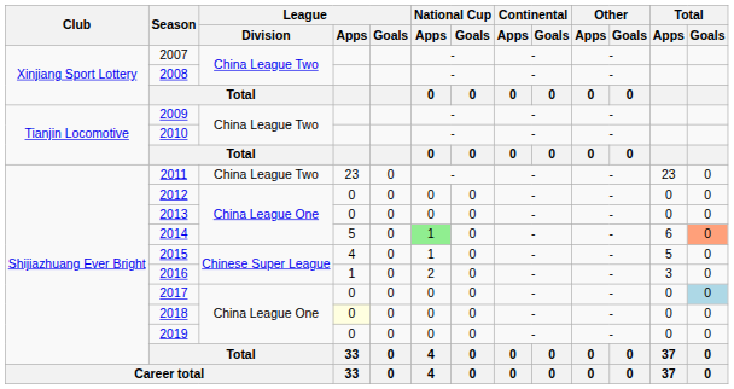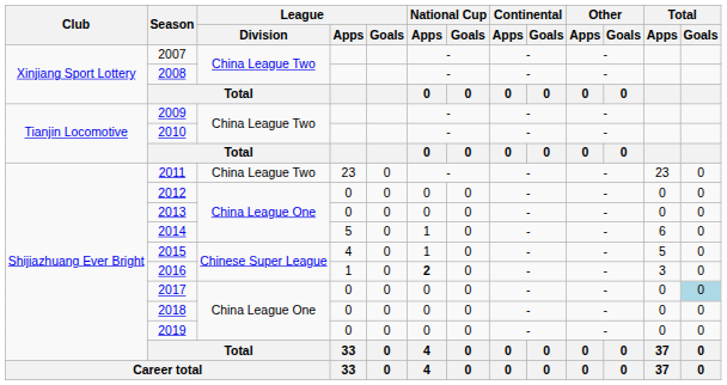 <table class="wikitable" style="text-align: center">
 <tr>
 <th rowspan="2">Club</th>
 <th rowspan="2">Season</th>
 <th colspan="3">League</th>
 <th colspan="2">National Cup</th>
 <th colspan="2">Continental</th>
 <th colspan="2">Other</th>
 <th colspan="2">Total</th>
 </tr>
 <tr>
 <th>Division</th>
 <th>Apps</th>
 <th>Goals</th>
 <th>Apps</th>
 <th>Goals</th>
 <th>Apps</th>
 <th>Goals</th>
 <th>Apps</th>
 <th>Goals</th>
 <th>Apps</th>
 <th>Goals</th>
 </tr>
 <tr>
 <td rowspan=3><a href='#'>Xinjiang Sport Lottery</a></td>
 <td>2007</td>
 <td rowspan=2><a href='#'>China League Two</a></td>
 <td></td>
 <td></td>
 <td colspan="2">-</td>
 <td colspan="2">-</td>
 <td colspan="2">-</td>
 <td></td>
 <td></td>
 </tr>
 <tr>
 <td><a href='#'>2008</a></td>
 <td></td>
 <td></td>
 <td colspan="2">-</td>
 <td colspan="2">-</td>
 <td colspan="2">-</td>
 <td></td>
 <td></td>
 </tr>
 <tr>
 <th colspan=2>Total</th>
 <th></th>
 <th></th>
 <th>0</th>
 <th>0</th>
 <th>0</th>
 <th>0</th>
 <th>0</th>
 <th>0</th>
 <th></th>
 <th></th>
 </tr>
 <tr>
 <td rowspan=3><a href='#'>Tianjin Locomotive</a></td>
 <td><a href='#'>2009</a></td>
 <td rowspan=2>China League Two</td>
 <td></td>
 <td></td>
 <td colspan="2">-</td>
 <td colspan="2">-</td>
 <td colspan="2">-</td>
 <td></td>
 <td></td>
 </tr>
 <tr>
 <td><a href='#'>2010</a></td>
 <td></td>
 <td></td>
 <td colspan="2">-</td>
 <td colspan="2">-</td>
 <td colspan="2">-</td>
 <td></td>
 <td></td>
 </tr>
 <tr>
 <th colspan=2>Total</th>
 <th></th>
 <th></th>
 <th>0</th>
 <th>0</th>
 <th>0</th>
 <th>0</th>
 <th>0</th>
 <th>0</th>
 <th></th>
 <th></th>
 </tr>
 <tr>
 <td rowspan=10><a href='#'>Shijiazhuang Ever Bright</a></td>
 <td><a href='#'>2011</a></td>
 <td>China League Two</td>
 <td>23</td>
 <td>0</td>
 <td colspan="2">-</td>
 <td colspan="2">-</td>
 <td colspan="2">-</td>
 <td>23</td>
 <td>0</td>
 </tr>
 <tr>
 <td><a href='#'>2012</a></td>
 <td rowspan="3"><a href='#'>China League One</a></td>
 <td>0</td>
 <td>0</td>
 <td>0</td>
 <td>0</td>
 <td colspan="2">-</td>
 <td colspan="2">-</td>
 <td>0</td>
 <td>0</td>
 </tr>
 <tr>
 <td><a href='#'>2013</a></td>
 <td>0</td>
 <td>0</td>
 <td>0</td>
 <td>0</td>
 <td colspan="2">-</td>
 <td colspan="2">-</td>
 <td>0</td>
 <td>0</td>
 </tr>
 <tr>
 <td><a href='#'>2014</a></td>
 <td>5</td>
 <td>0</td>
-<td style="background: lightgreen;">1</td>
+<td>1</td>
 <td>0</td>
 <td colspan="2">-</td>
 <td colspan="2">-</td>
 <td>6</td>
-<td style="background: lightsalmon;">0</td>
+<td>0</td>
 </tr>
 <tr>
 <td><a href='#'>2015</a></td>
 <td rowspan="2"><a href='#'>Chinese Super League</a></td>
 <td>4</td>
 <td>0</td>
 <td>1</td>
 <td>0</td>
 <td colspan="2">-</td>
 <td colspan="2">-</td>
 <td>5</td>
 <td>0</td>
 </tr>
 <tr>
 <td><a href='#'>2016</a></td>
 <td>1</td>
 <td>0</td>
-<td>2</td>
+<td><strong>2</strong></td>
 <td>0</td>
 <td colspan="2">-</td>
 <td colspan="2">-</td>
 <td>3</td>
 <td>0</td>
 </tr>
 <tr>
 <td><a href='#'>2017</a></td>
 <td rowspan=3>China League One</td>
 <td>0</td>
 <td>0</td>
 <td>0</td>
 <td>0</td>
 <td colspan="2">-</td>
 <td colspan="2">-</td>
 <td>0</td>
 <td style="background: lightblue;">0</td>
 </tr>
 <tr>
 <td><a href='#'>2018</a></td>
-<td style="background: lightyellow;">0</td>
+<td>0</td>
 <td>0</td>
 <td>0</td>
 <td>0</td>
 <td colspan="2">-</td>
 <td colspan="2">-</td>
 <td>0</td>
 <td>0</td>
 </tr>
 <tr>
 <td><a href='#'>2019</a></td>
 <td>0</td>
 <td>0</td>
 <td>0</td>
 <td>0</td>
 <td colspan="2">-</td>
 <td colspan="2">-</td>
 <td>0</td>
 <td>0</td>
 </tr>
 <tr>
 <th colspan=2>Total</th>
 <th>33</th>
 <th>0</th>
 <th>4</th>
 <th>0</th>
 <th>0</th>
 <th>0</th>
 <th>0</th>
 <th>0</th>
 <th>37</th>
 <th>0</th>
 </tr>
 <tr>
 <th colspan=3>Career total</th>
 <th>33</th>
 <th>0</th>
 <th>4</th>
 <th>0</th>
 <th>0</th>
 <th>0</th>
 <th>0</th>
 <th>0</th>
 <th>37</th>
 <th>0</th>
 </tr>
 </table>
